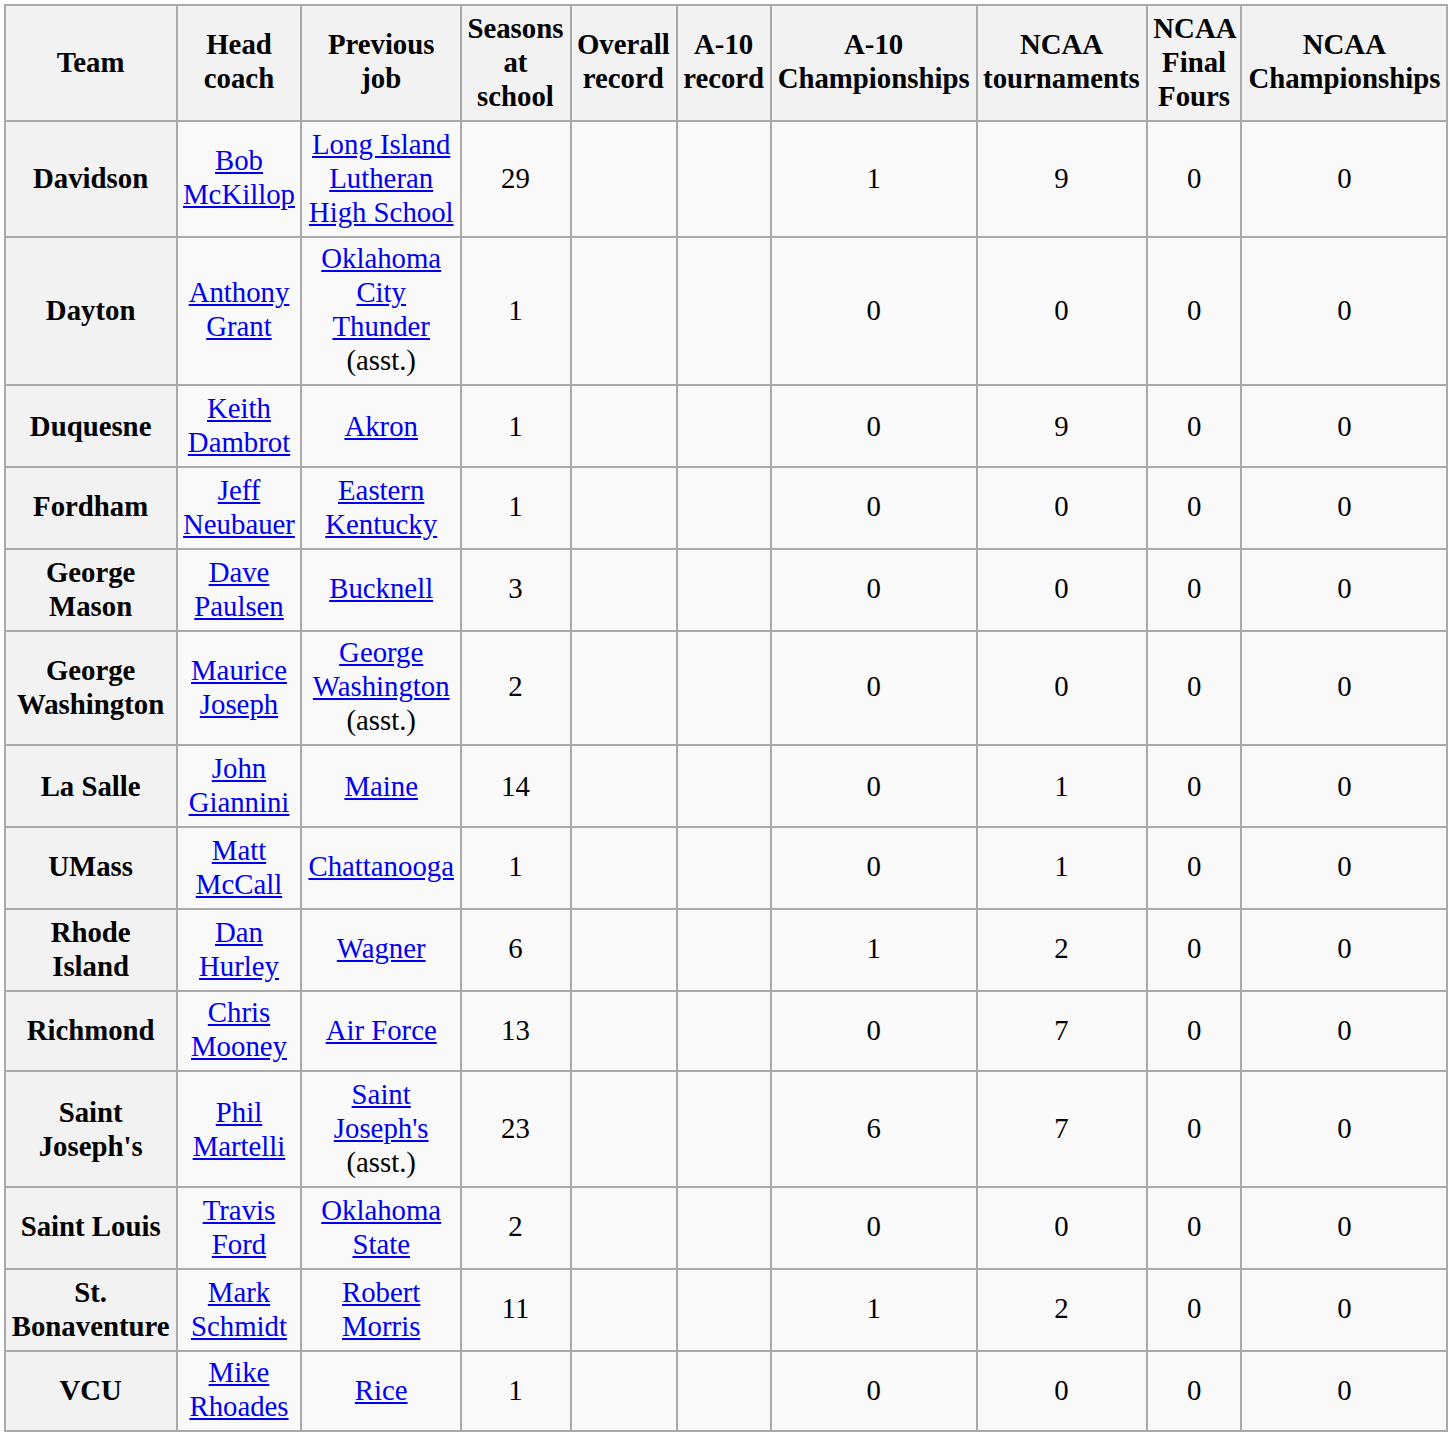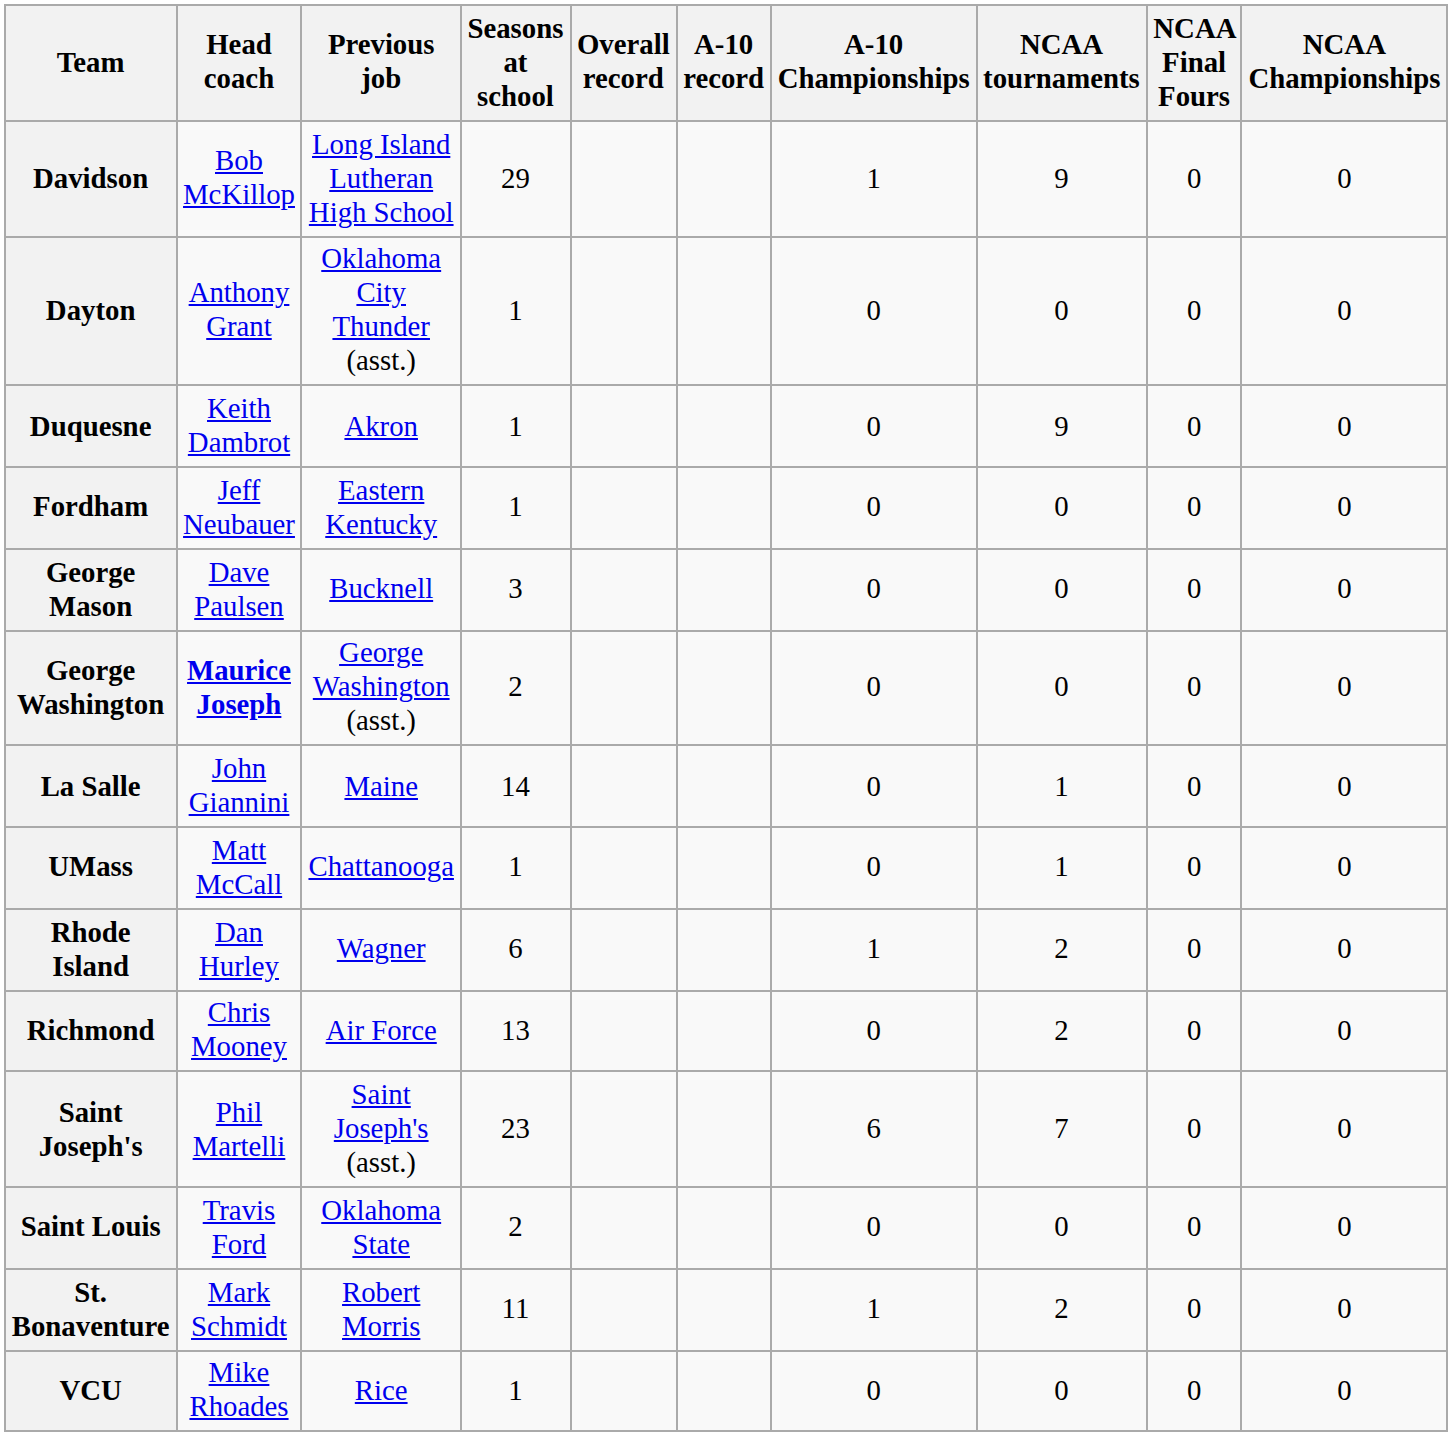 <table class="wikitable sortable" style="text-align: center;font-size:90%;">
 <tr>
 <th width="110">Team</th>
 <th>Head coach</th>
 <th>Previous job</th>
 <th>Seasons at school</th>
 <th>Overall record</th>
 <th>A-10 record</th>
 <th>A-10 Championships</th>
 <th>NCAA tournaments</th>
 <th>NCAA Final Fours</th>
 <th>NCAA Championships</th>
 </tr>
 <tr>
 <th style=>Davidson</th>
 <td><a href='#'>Bob McKillop</a></td>
 <td><a href='#'>Long Island Lutheran High School</a></td>
 <td>29</td>
 <td></td>
 <td></td>
 <td>1</td>
 <td>9</td>
 <td>0</td>
 <td>0</td>
 </tr>
 <tr>
 <th>Dayton</th>
 <td><a href='#'>Anthony Grant</a></td>
 <td><a href='#'>Oklahoma City Thunder</a> (asst.)</td>
 <td>1</td>
 <td></td>
 <td></td>
 <td>0</td>
 <td>0</td>
 <td>0</td>
 <td>0</td>
 </tr>
 <tr>
 <th style=>Duquesne</th>
 <td><a href='#'>Keith Dambrot</a></td>
 <td><a href='#'>Akron</a></td>
 <td>1</td>
 <td></td>
 <td></td>
 <td>0</td>
 <td>9</td>
 <td>0</td>
 <td>0</td>
 </tr>
 <tr>
 <th style=>Fordham</th>
 <td><a href='#'>Jeff Neubauer</a></td>
 <td><a href='#'>Eastern Kentucky</a></td>
 <td>1</td>
 <td></td>
 <td></td>
 <td>0</td>
 <td>0</td>
 <td>0</td>
 <td>0</td>
 </tr>
 <tr>
 <th style=>George Mason</th>
 <td><a href='#'>Dave Paulsen</a></td>
 <td><a href='#'>Bucknell</a></td>
 <td>3</td>
 <td></td>
 <td></td>
 <td>0</td>
 <td>0</td>
 <td>0</td>
 <td>0</td>
 </tr>
 <tr>
 <th style=>George Washington</th>
-<td><a href='#'>Maurice Joseph</a></td>
+<td><strong><a href='#'>Maurice Joseph</a></strong></td>
 <td><a href='#'>George Washington</a> (asst.)</td>
 <td>2</td>
 <td></td>
 <td></td>
 <td>0</td>
 <td>0</td>
 <td>0</td>
 <td>0</td>
 </tr>
 <tr>
 <th style=>La Salle</th>
 <td><a href='#'>John Giannini</a></td>
 <td><a href='#'>Maine</a></td>
 <td>14</td>
 <td></td>
 <td></td>
 <td>0</td>
 <td>1</td>
 <td>0</td>
 <td>0</td>
 </tr>
 <tr>
 <th style=>UMass</th>
 <td><a href='#'>Matt McCall</a></td>
 <td><a href='#'>Chattanooga</a></td>
 <td>1</td>
 <td></td>
 <td></td>
 <td>0</td>
 <td>1</td>
 <td>0</td>
 <td>0</td>
 </tr>
 <tr>
 <th style=>Rhode Island</th>
 <td><a href='#'>Dan Hurley</a></td>
 <td><a href='#'>Wagner</a></td>
 <td>6</td>
 <td></td>
 <td></td>
 <td>1</td>
 <td>2</td>
 <td>0</td>
 <td>0</td>
 </tr>
 <tr>
 <th style=>Richmond</th>
 <td><a href='#'>Chris Mooney</a></td>
 <td><a href='#'>Air Force</a></td>
 <td>13</td>
 <td></td>
 <td></td>
 <td>0</td>
-<td>7</td>
+<td>2</td>
 <td>0</td>
 <td>0</td>
 </tr>
 <tr>
 <th style=>Saint Joseph's</th>
 <td><a href='#'>Phil Martelli</a></td>
 <td><a href='#'>Saint Joseph's</a> (asst.)</td>
 <td>23</td>
 <td></td>
 <td></td>
 <td>6</td>
 <td>7</td>
 <td>0</td>
 <td>0</td>
 </tr>
 <tr>
 <th style=>Saint Louis</th>
 <td><a href='#'>Travis Ford</a></td>
 <td><a href='#'>Oklahoma State</a></td>
 <td>2</td>
 <td></td>
 <td></td>
 <td>0</td>
 <td>0</td>
 <td>0</td>
 <td>0</td>
 </tr>
 <tr>
 <th style=>St. Bonaventure</th>
 <td><a href='#'>Mark Schmidt</a></td>
 <td><a href='#'>Robert Morris</a></td>
 <td>11</td>
 <td></td>
 <td></td>
 <td>1</td>
 <td>2</td>
 <td>0</td>
 <td>0</td>
 </tr>
 <tr>
 <th style=>VCU</th>
 <td><a href='#'>Mike Rhoades</a></td>
 <td><a href='#'>Rice</a></td>
 <td>1</td>
 <td></td>
 <td></td>
 <td>0</td>
 <td>0</td>
 <td>0</td>
 <td>0</td>
 </tr>
 <tr>
 </tr>
 </table>
